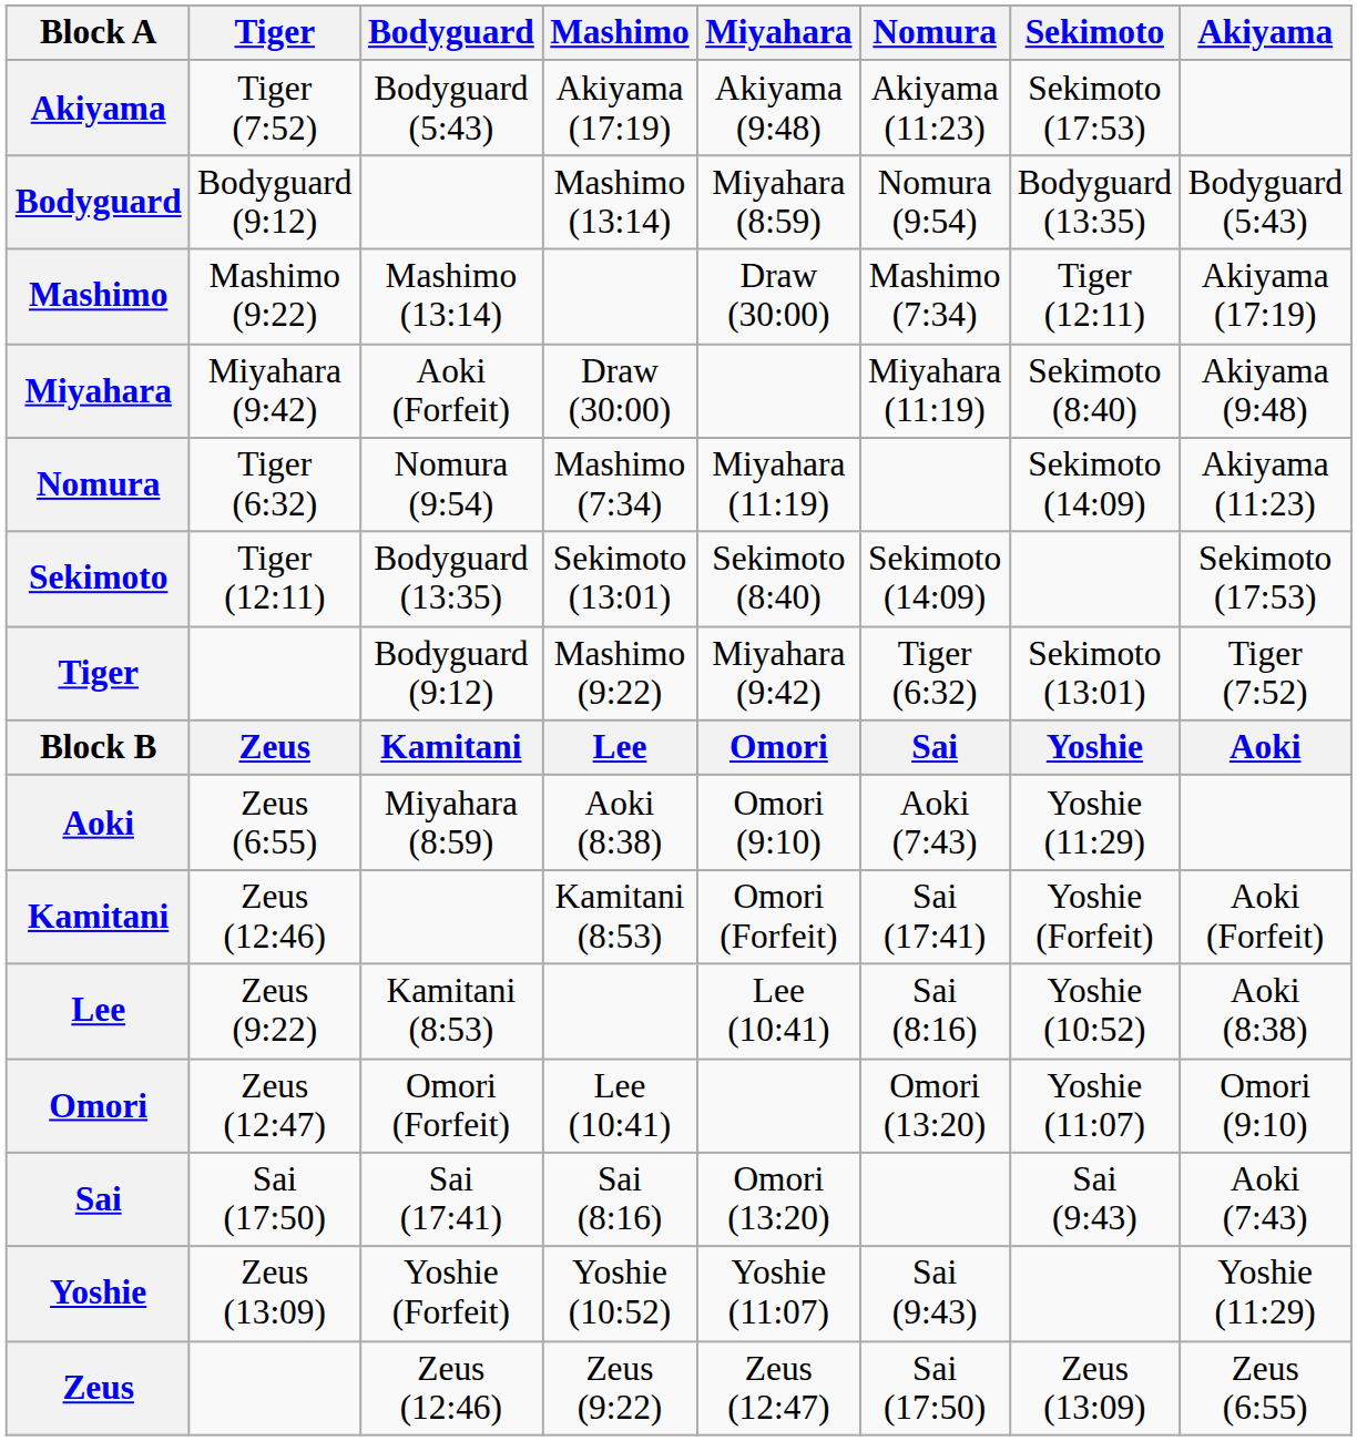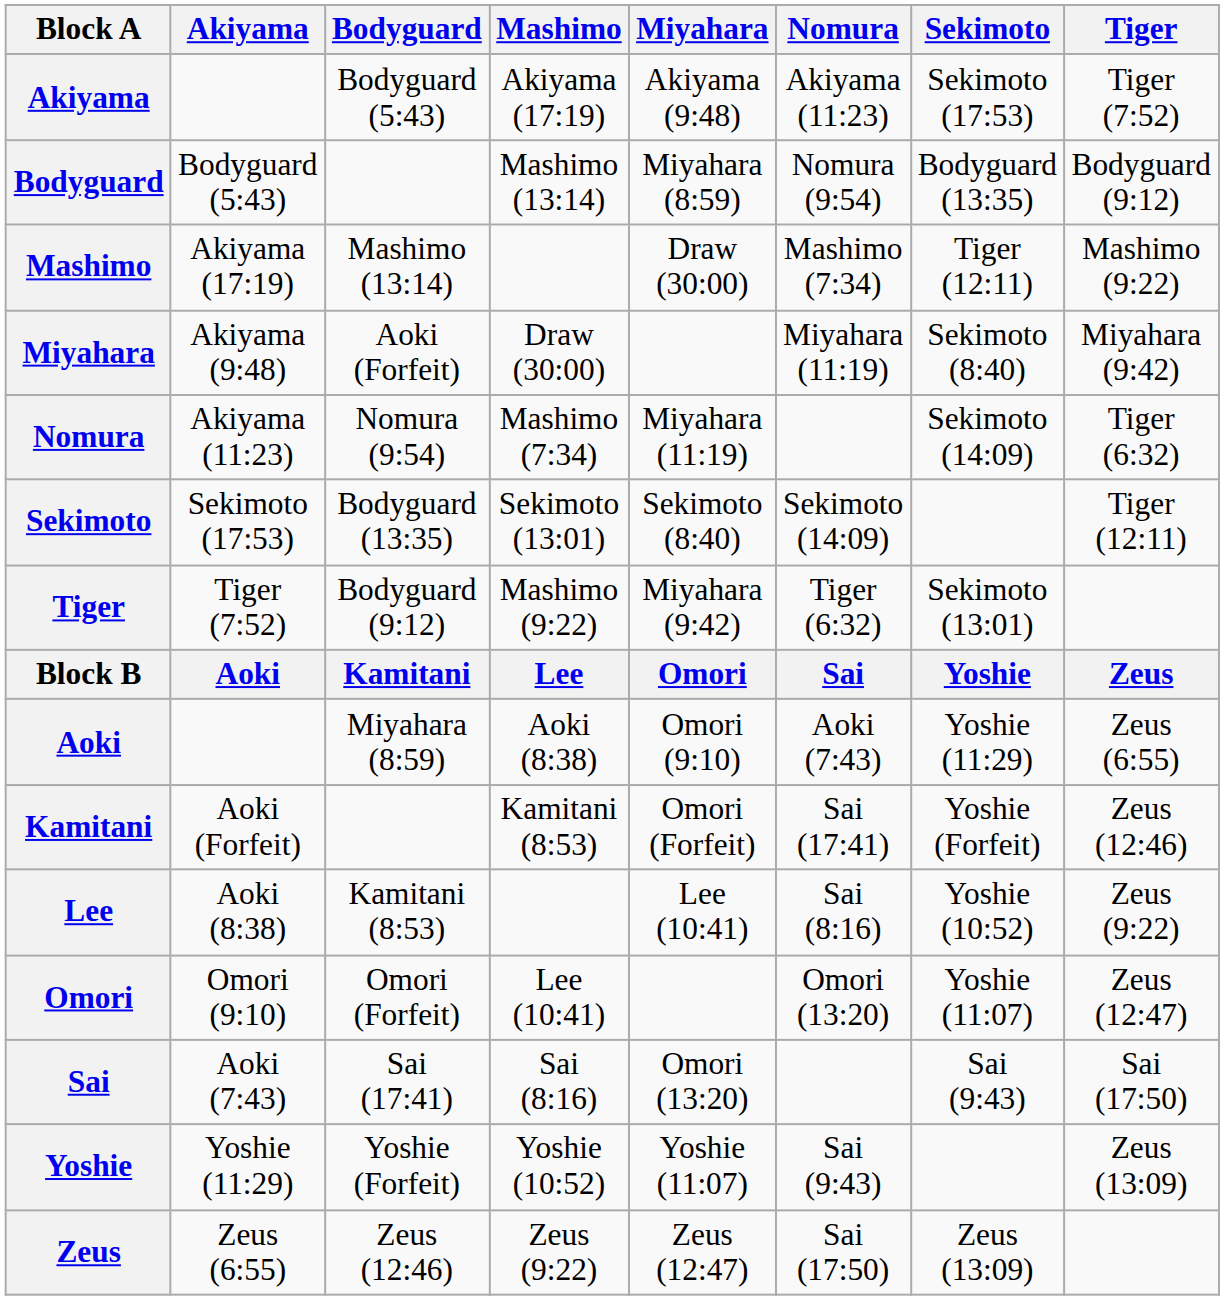 <table class="wikitable" style="margin: 1em auto 1em auto; text-align:center;">
 <tr>
 <th>Block A</th>
-<th><a href='#'>Tiger</a></th>
+<th><a href='#'>Akiyama</a></th>
 <th><a href='#'>Bodyguard</a></th>
 <th><a href='#'>Mashimo</a></th>
 <th><a href='#'>Miyahara</a></th>
 <th><a href='#'>Nomura</a></th>
 <th><a href='#'>Sekimoto</a></th>
-<th><a href='#'>Akiyama</a></th>
+<th><a href='#'>Tiger</a></th>
 </tr>
 <tr>
 <th><a href='#'>Akiyama</a></th>
-<td>Tiger<br>(7:52)</td>
+<td></td>
 <td>Bodyguard<br>(5:43)</td>
 <td>Akiyama<br>(17:19)</td>
 <td>Akiyama<br>(9:48)</td>
 <td>Akiyama<br>(11:23)</td>
 <td>Sekimoto<br>(17:53)</td>
-<td></td>
+<td>Tiger<br>(7:52)</td>
 </tr>
 <tr>
 <th><a href='#'>Bodyguard</a></th>
-<td>Bodyguard<br>(9:12)</td>
+<td>Bodyguard<br>(5:43)</td>
 <td></td>
 <td>Mashimo<br>(13:14)</td>
 <td>Miyahara<br>(8:59)</td>
 <td>Nomura<br>(9:54)</td>
 <td>Bodyguard<br>(13:35)</td>
-<td>Bodyguard<br>(5:43)</td>
+<td>Bodyguard<br>(9:12)</td>
 </tr>
 <tr>
 <th><a href='#'>Mashimo</a></th>
-<td>Mashimo<br>(9:22)</td>
+<td>Akiyama<br>(17:19)</td>
 <td>Mashimo<br>(13:14)</td>
 <td></td>
 <td>Draw<br>(30:00)</td>
 <td>Mashimo<br>(7:34)</td>
 <td>Tiger<br>(12:11)</td>
-<td>Akiyama<br>(17:19)</td>
+<td>Mashimo<br>(9:22)</td>
 </tr>
 <tr>
 <th><a href='#'>Miyahara</a></th>
-<td>Miyahara<br>(9:42)</td>
+<td>Akiyama<br>(9:48)</td>
 <td>Aoki<br>(Forfeit)</td>
 <td>Draw<br>(30:00)</td>
 <td></td>
 <td>Miyahara<br>(11:19)</td>
 <td>Sekimoto<br>(8:40)</td>
-<td>Akiyama<br>(9:48)</td>
+<td>Miyahara<br>(9:42)</td>
 </tr>
 <tr>
 <th><a href='#'>Nomura</a></th>
-<td>Tiger<br>(6:32)</td>
+<td>Akiyama<br>(11:23)</td>
 <td>Nomura<br>(9:54)</td>
 <td>Mashimo<br>(7:34)</td>
 <td>Miyahara<br>(11:19)</td>
 <td></td>
 <td>Sekimoto<br>(14:09)</td>
-<td>Akiyama<br>(11:23)</td>
+<td>Tiger<br>(6:32)</td>
 </tr>
 <tr>
 <th><a href='#'>Sekimoto</a></th>
-<td>Tiger<br>(12:11)</td>
+<td>Sekimoto<br>(17:53)</td>
 <td>Bodyguard<br>(13:35)</td>
 <td>Sekimoto<br>(13:01)</td>
 <td>Sekimoto<br>(8:40)</td>
 <td>Sekimoto<br>(14:09)</td>
 <td></td>
-<td>Sekimoto<br>(17:53)</td>
+<td>Tiger<br>(12:11)</td>
 </tr>
 <tr>
 <th><a href='#'>Tiger</a></th>
-<td></td>
+<td>Tiger<br>(7:52)</td>
 <td>Bodyguard<br>(9:12)</td>
 <td>Mashimo<br>(9:22)</td>
 <td>Miyahara<br>(9:42)</td>
 <td>Tiger<br>(6:32)</td>
 <td>Sekimoto<br>(13:01)</td>
-<td>Tiger<br>(7:52)</td>
+<td></td>
 </tr>
 <tr>
 <th>Block B</th>
-<th><a href='#'>Zeus</a></th>
+<th><a href='#'>Aoki</a></th>
 <th><a href='#'>Kamitani</a></th>
 <th><a href='#'>Lee</a></th>
 <th><a href='#'>Omori</a></th>
 <th><a href='#'>Sai</a></th>
 <th><a href='#'>Yoshie</a></th>
-<th><a href='#'>Aoki</a></th>
+<th><a href='#'>Zeus</a></th>
 </tr>
 <tr>
 <th><a href='#'>Aoki</a></th>
-<td>Zeus<br>(6:55)</td>
+<td></td>
 <td>Miyahara<br>(8:59)</td>
 <td>Aoki<br>(8:38)</td>
 <td>Omori<br>(9:10)</td>
 <td>Aoki<br>(7:43)</td>
 <td>Yoshie<br>(11:29)</td>
-<td></td>
+<td>Zeus<br>(6:55)</td>
 </tr>
 <tr>
 <th><a href='#'>Kamitani</a></th>
-<td>Zeus<br>(12:46)</td>
+<td>Aoki<br>(Forfeit)</td>
 <td></td>
 <td>Kamitani<br>(8:53)</td>
 <td>Omori<br>(Forfeit)</td>
 <td>Sai<br>(17:41)</td>
 <td>Yoshie<br>(Forfeit)</td>
-<td>Aoki<br>(Forfeit)</td>
+<td>Zeus<br>(12:46)</td>
 </tr>
 <tr>
 <th><a href='#'>Lee</a></th>
-<td>Zeus<br>(9:22)</td>
+<td>Aoki<br>(8:38)</td>
 <td>Kamitani<br>(8:53)</td>
 <td></td>
 <td>Lee<br>(10:41)</td>
 <td>Sai<br>(8:16)</td>
 <td>Yoshie<br>(10:52)</td>
-<td>Aoki<br>(8:38)</td>
+<td>Zeus<br>(9:22)</td>
 </tr>
 <tr>
 <th><a href='#'>Omori</a></th>
-<td>Zeus<br>(12:47)</td>
+<td>Omori<br>(9:10)</td>
 <td>Omori<br>(Forfeit)</td>
 <td>Lee<br>(10:41)</td>
 <td></td>
 <td>Omori<br>(13:20)</td>
 <td>Yoshie<br>(11:07)</td>
-<td>Omori<br>(9:10)</td>
+<td>Zeus<br>(12:47)</td>
 </tr>
 <tr>
 <th><a href='#'>Sai</a></th>
-<td>Sai<br>(17:50)</td>
+<td>Aoki<br>(7:43)</td>
 <td>Sai<br>(17:41)</td>
 <td>Sai<br>(8:16)</td>
 <td>Omori<br>(13:20)</td>
 <td></td>
 <td>Sai<br>(9:43)</td>
-<td>Aoki<br>(7:43)</td>
+<td>Sai<br>(17:50)</td>
 </tr>
 <tr>
 <th><a href='#'>Yoshie</a></th>
-<td>Zeus<br>(13:09)</td>
+<td>Yoshie<br>(11:29)</td>
 <td>Yoshie<br>(Forfeit)</td>
 <td>Yoshie<br>(10:52)</td>
 <td>Yoshie<br>(11:07)</td>
 <td>Sai<br>(9:43)</td>
 <td></td>
-<td>Yoshie<br>(11:29)</td>
+<td>Zeus<br>(13:09)</td>
 </tr>
 <tr>
 <th><a href='#'>Zeus</a></th>
-<td></td>
+<td>Zeus<br>(6:55)</td>
 <td>Zeus<br>(12:46)</td>
 <td>Zeus<br>(9:22)</td>
 <td>Zeus<br>(12:47)</td>
 <td>Sai<br>(17:50)</td>
 <td>Zeus<br>(13:09)</td>
-<td>Zeus<br>(6:55)</td>
+<td></td>
 </tr>
 </table>
